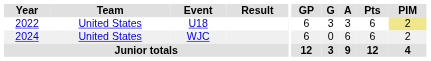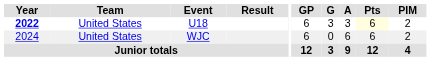 <table border="0" cellpadding="1" cellspacing="0" ID="Table3" style="text-align:center; width:40em;">
 <tr bgcolor="#e0e0e0">
 <th>Year</th>
 <th>Team</th>
 <th>Event</th>
 <th>Result</th>
 <th rowspan="102" bgcolor="#ffffff"></th>
 <th>GP</th>
 <th>G</th>
 <th>A</th>
 <th>Pts</th>
 <th>PIM</th>
 </tr>
 <tr>
-<td><a href='#'>2022</a></td>
+<td><strong><a href='#'>2022</a></strong></td>
 <td><a href='#'>United States</a></td>
 <td><a href='#'>U18</a></td>
 <td></td>
 <td>6</td>
 <td>3</td>
 <td>3</td>
-<td>6</td>
-<td style="background: khaki;">2</td>
+<td style="background: lightyellow;">6</td>
+<td>2</td>
 </tr>
 <tr bgcolor="#f0f0f0">
 <td><a href='#'>2024</a></td>
 <td><a href='#'>United States</a></td>
 <td><a href='#'>WJC</a></td>
 <td></td>
 <td>6</td>
 <td>0</td>
 <td>6</td>
 <td>6</td>
 <td>2</td>
 </tr>
 <tr bgcolor="#e0e0e0">
 <th colspan="4">Junior totals</th>
 <th>12</th>
 <th>3</th>
 <th>9</th>
 <th>12</th>
 <th>4</th>
 </tr>
 </table>
